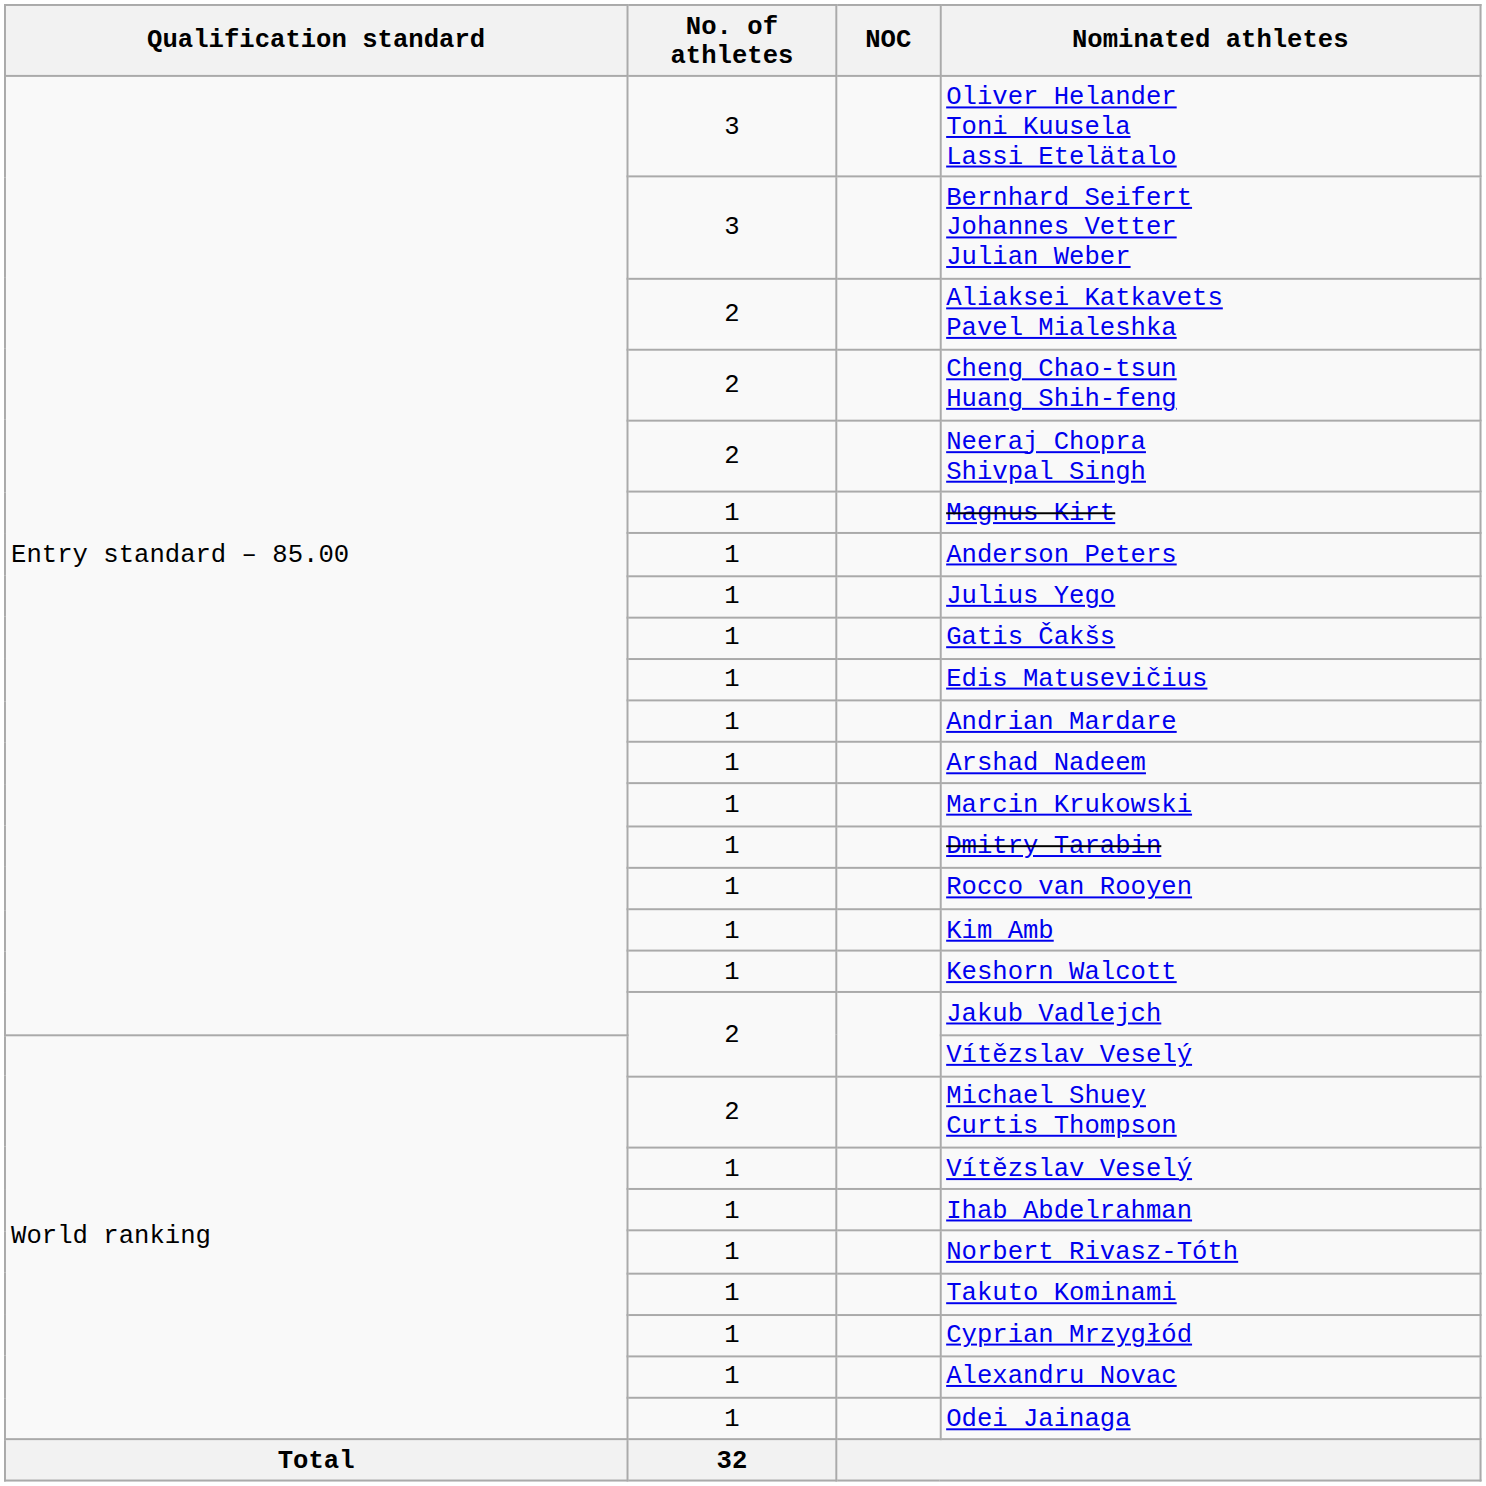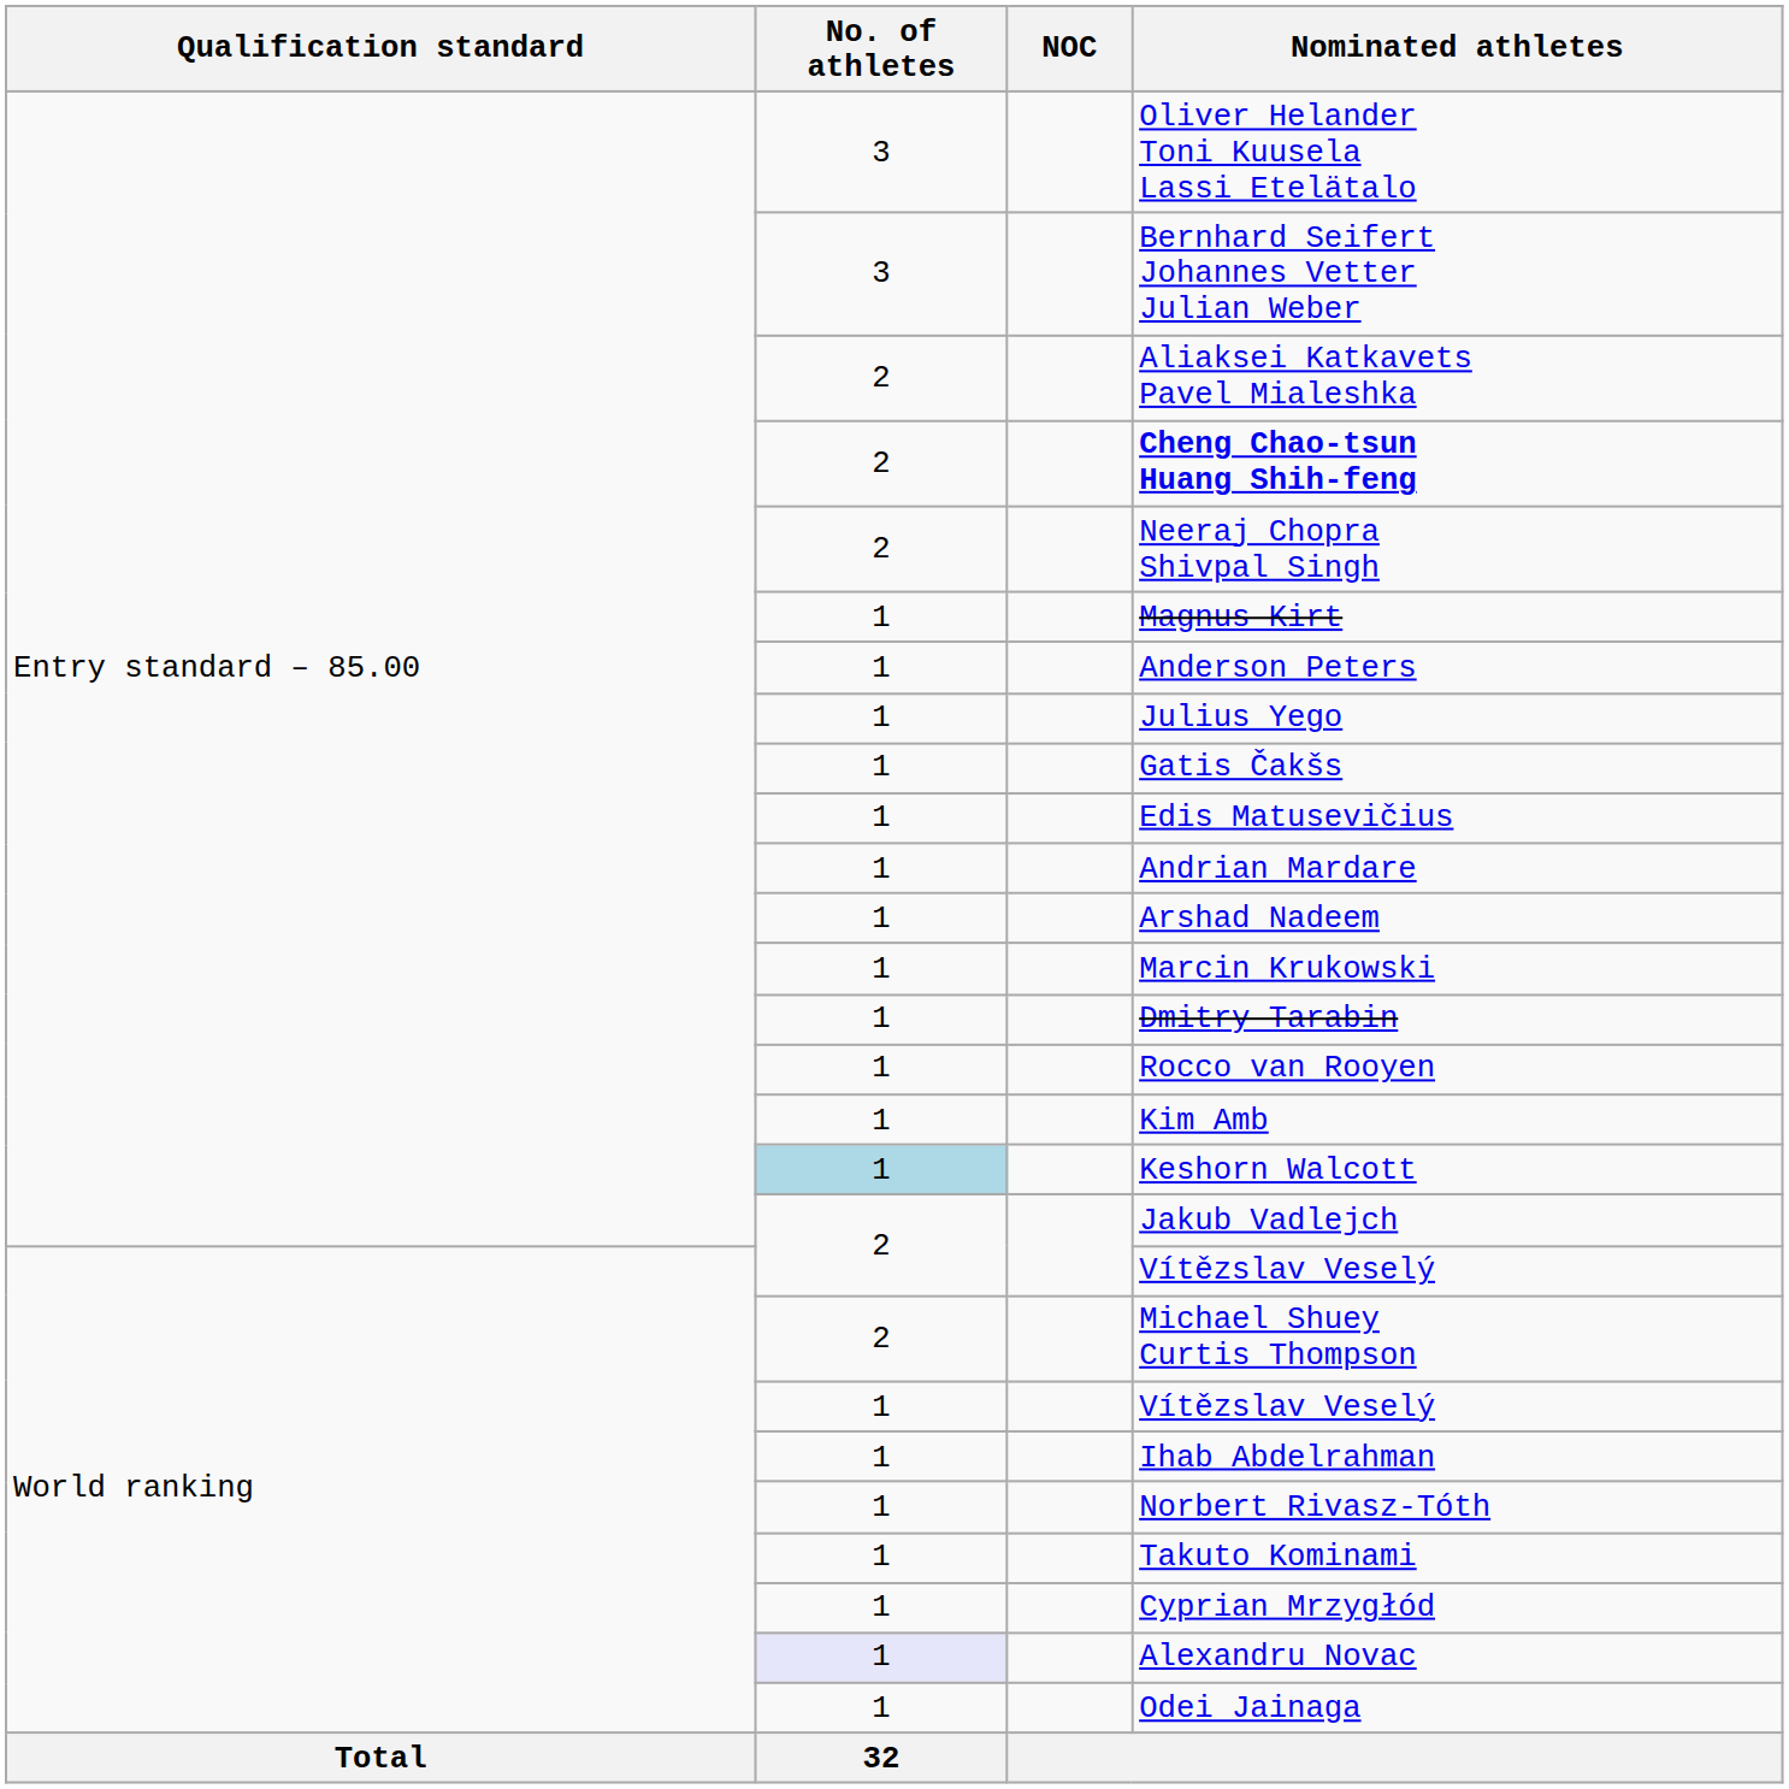 <table class="wikitable" style="text-align:left; width:750px;">
 <tr>
 <th>Qualification standard</th>
 <th width=100>No. of athletes</th>
 <th>NOC</th>
 <th>Nominated athletes</th>
 </tr>
 <tr>
 <td rowspan="18">Entry standard – 85.00</td>
 <td align=center>3</td>
 <td></td>
 <td><a href='#'>Oliver Helander</a><br><a href='#'>Toni Kuusela</a><br><a href='#'>Lassi Etelätalo</a></td>
 </tr>
 <tr>
 <td align=center>3</td>
 <td></td>
 <td><a href='#'>Bernhard Seifert</a><br><a href='#'>Johannes Vetter</a><br><a href='#'>Julian Weber</a></td>
 </tr>
 <tr>
 <td align=center>2</td>
 <td></td>
 <td><a href='#'>Aliaksei Katkavets</a><br><a href='#'>Pavel Mialeshka</a></td>
 </tr>
 <tr>
 <td align=center>2</td>
 <td></td>
-<td><a href='#'>Cheng Chao-tsun</a><br><a href='#'>Huang Shih-feng</a></td>
+<td><strong><a href='#'>Cheng Chao-tsun</a><br><a href='#'>Huang Shih-feng</a></strong></td>
 </tr>
 <tr>
 <td align=center>2</td>
 <td></td>
 <td><a href='#'>Neeraj Chopra</a><br><a href='#'>Shivpal Singh</a></td>
 </tr>
 <tr>
 <td align=center>1</td>
 <td></td>
 <td><s><a href='#'>Magnus Kirt</a></s></td>
 </tr>
 <tr>
 <td align=center>1</td>
 <td></td>
 <td><a href='#'>Anderson Peters</a></td>
 </tr>
 <tr>
 <td align=center>1</td>
 <td></td>
 <td><a href='#'>Julius Yego</a></td>
 </tr>
 <tr>
 <td align=center>1</td>
 <td></td>
 <td><a href='#'>Gatis Čakšs</a></td>
 </tr>
 <tr>
 <td align=center>1</td>
 <td></td>
 <td><a href='#'>Edis Matusevičius</a></td>
 </tr>
 <tr>
 <td align=center>1</td>
 <td></td>
 <td><a href='#'>Andrian Mardare</a></td>
 </tr>
 <tr>
 <td align=center>1</td>
 <td></td>
 <td><a href='#'>Arshad Nadeem</a></td>
 </tr>
 <tr>
 <td align=center>1</td>
 <td></td>
 <td><a href='#'>Marcin Krukowski</a></td>
 </tr>
 <tr>
 <td align=center>1</td>
 <td><s></s></td>
 <td><s><a href='#'>Dmitry Tarabin</a></s></td>
 </tr>
 <tr>
 <td align="center">1</td>
 <td></td>
 <td><a href='#'>Rocco van Rooyen</a></td>
 </tr>
 <tr>
 <td align="center">1</td>
 <td></td>
 <td><a href='#'>Kim Amb</a></td>
 </tr>
 <tr>
-<td align=center>1</td>
+<td align=center style="background: lightblue;">1</td>
 <td></td>
 <td><a href='#'>Keshorn Walcott</a></td>
 </tr>
 <tr>
 <td rowspan="2" align="center">2</td>
 <td rowspan="2"></td>
 <td><a href='#'>Jakub Vadlejch</a></td>
 </tr>
 <tr>
 <td rowspan="9">World ranking</td>
 <td><a href='#'>Vítězslav Veselý</a></td>
 </tr>
 <tr>
 <td align=center>2</td>
 <td></td>
 <td><a href='#'>Michael Shuey</a><br><a href='#'>Curtis Thompson</a></td>
 </tr>
 <tr>
 <td align=center>1</td>
 <td></td>
 <td><a href='#'>Vítězslav Veselý</a></td>
 </tr>
 <tr>
 <td align=center>1</td>
 <td></td>
 <td><a href='#'>Ihab Abdelrahman</a></td>
 </tr>
 <tr>
 <td align=center>1</td>
 <td></td>
 <td><a href='#'>Norbert Rivasz-Tóth</a></td>
 </tr>
 <tr>
 <td align=center>1</td>
 <td></td>
 <td><a href='#'>Takuto Kominami</a></td>
 </tr>
 <tr>
 <td align=center>1</td>
 <td></td>
 <td><a href='#'>Cyprian Mrzygłód</a></td>
 </tr>
 <tr>
-<td align=center>1</td>
+<td align=center style="background: lavender;">1</td>
 <td></td>
 <td><a href='#'>Alexandru Novac</a></td>
 </tr>
 <tr>
 <td align=center>1</td>
 <td></td>
 <td><a href='#'>Odei Jainaga</a></td>
 </tr>
 <tr>
 <th>Total</th>
 <th>32</th>
 <th colspan=2></th>
 </tr>
 </table>
